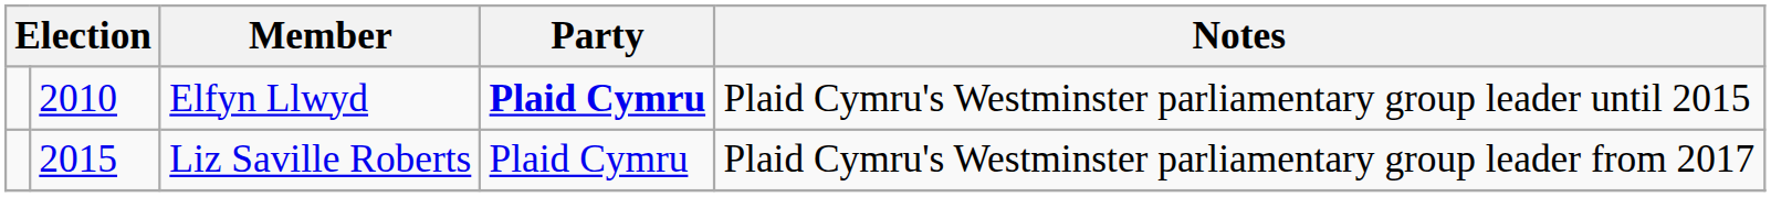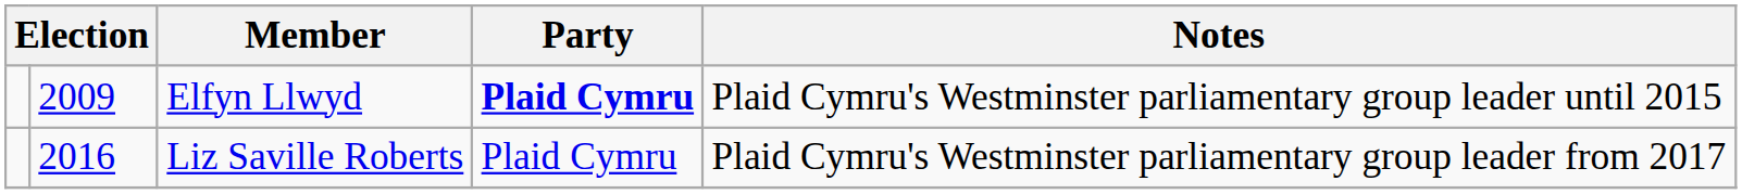 <table class="wikitable">
 <tr>
 <th colspan="2" scope="row">Election</th>
 <th scope="row">Member</th>
 <th scope="row">Party</th>
 <th scope="row">Notes</th>
 </tr>
 <tr>
 <td style="color:inherit;background-color: "></td>
-<td><a href='#'>2010</a></td>
+<td><a href='#'>2009</a></td>
 <td><a href='#'>Elfyn Llwyd</a></td>
 <td><strong><a href='#'>Plaid Cymru</a></strong></td>
 <td>Plaid Cymru's Westminster parliamentary group leader until 2015</td>
 </tr>
 <tr>
 <td rowspan="1" style="color:inherit;background-color: "></td>
-<td><a href='#'>2015</a></td>
+<td><a href='#'>2016</a></td>
 <td><a href='#'>Liz Saville Roberts</a></td>
 <td><a href='#'>Plaid Cymru</a></td>
 <td>Plaid Cymru's Westminster parliamentary group leader from 2017</td>
 </tr>
 <tr>
 </tr>
 </table>
